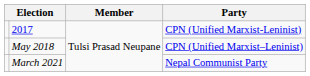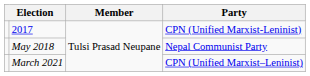 <table class="wikitable">
 <tr>
 <th colspan="2">Election</th>
 <th>Member</th>
 <th>Party</th>
 </tr>
 <tr>
 <td style="background-color:"></td>
 <td><a href='#'>2017</a></td>
 <td rowspan="3">Tulsi Prasad Neupane</td>
 <td><a href='#'>CPN (Unified Marxist-Leninist)</a></td>
 </tr>
 <tr>
 <td style="background-color:"></td>
 <td><em>May 2018</em></td>
-<td><a href='#'>CPN (Unified Marxist–Leninist)</a></td>
+<td><a href='#'>Nepal Communist Party</a></td>
 </tr>
 <tr>
 <td style="background-color:"></td>
 <td><em>March 2021</em></td>
-<td><a href='#'>Nepal Communist Party</a></td>
+<td><a href='#'>CPN (Unified Marxist–Leninist)</a></td>
 </tr>
 </table>
